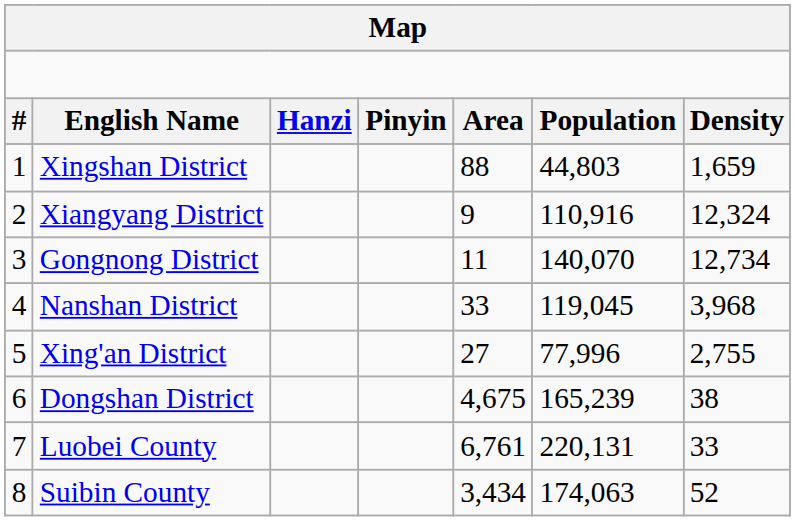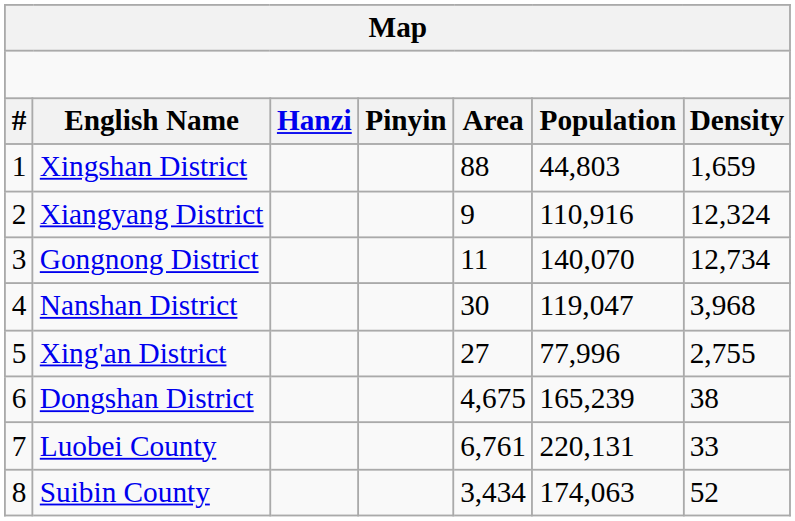 <table class="wikitable" align=center>
 <tr>
 <th colspan="7" align="center">Map</th>
 </tr>
 <tr>
 <td colspan="7" align="center"><div><br>           </div></td>
 </tr>
 <tr>
 <th>#</th>
 <th>English Name</th>
 <th><a href='#'>Hanzi</a></th>
 <th>Pinyin</th>
 <th>Area</th>
 <th>Population</th>
 <th>Density</th>
 </tr>
 <tr --------->
 <td>1</td>
 <td><a href='#'>Xingshan District</a></td>
 <td></td>
 <td></td>
 <td>88</td>
 <td>44,803</td>
 <td>1,659</td>
 </tr>
 <tr --------->
 <td>2</td>
 <td><a href='#'>Xiangyang District</a></td>
 <td></td>
 <td></td>
 <td>9</td>
 <td>110,916</td>
 <td>12,324</td>
 </tr>
 <tr --------->
 <td>3</td>
 <td><a href='#'>Gongnong District</a></td>
 <td></td>
 <td></td>
 <td>11</td>
 <td>140,070</td>
 <td>12,734</td>
 </tr>
 <tr --------->
 <td>4</td>
 <td><a href='#'>Nanshan District</a></td>
 <td></td>
 <td></td>
-<td>33</td>
-<td>119,045</td>
+<td>30</td>
+<td>119,047</td>
 <td>3,968</td>
 </tr>
 <tr --------->
 <td>5</td>
 <td><a href='#'>Xing'an District</a></td>
 <td></td>
 <td></td>
 <td>27</td>
 <td>77,996</td>
 <td>2,755</td>
 </tr>
 <tr --------->
 <td>6</td>
 <td><a href='#'>Dongshan District</a></td>
 <td></td>
 <td></td>
 <td>4,675</td>
 <td>165,239</td>
 <td>38</td>
 </tr>
 <tr --------->
 <td>7</td>
 <td><a href='#'>Luobei County</a></td>
 <td></td>
 <td></td>
 <td>6,761</td>
 <td>220,131</td>
 <td>33</td>
 </tr>
 <tr --------->
 <td>8</td>
 <td><a href='#'>Suibin County</a></td>
 <td></td>
 <td></td>
 <td>3,434</td>
 <td>174,063</td>
 <td>52</td>
 </tr>
 </table>
